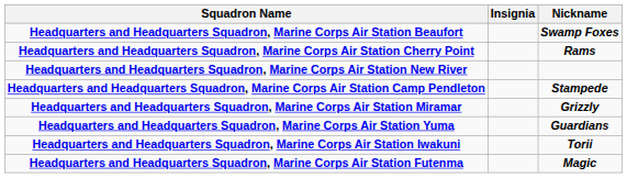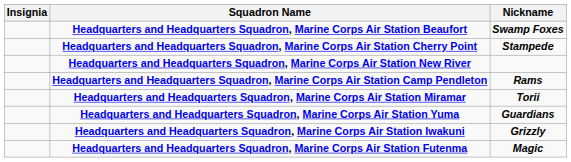 <table class="wikitable sortable" style="text-align:center;">
 <tr bgcolor="#CCCCCC">
+<th>Insignia</th>
 <th>Squadron Name</th>
-<th>Insignia</th>
 <th>Nickname</th>
 </tr>
 <tr>
+<td><strong></strong></td>
 <td><strong><a href='#'>Headquarters and Headquarters Squadron</a>, <a href='#'>Marine Corps Air Station Beaufort</a></strong></td>
-<td><strong></strong></td>
 <td><strong><em>Swamp Foxes</em></strong></td>
 </tr>
 <tr>
+<td><strong></strong></td>
 <td><strong><a href='#'>Headquarters and Headquarters Squadron</a>, <a href='#'>Marine Corps Air Station Cherry Point</a></strong></td>
+<td><strong><em>Stampede</em></strong></td>
+</tr>
+<tr>
 <td><strong></strong></td>
+<td><strong><a href='#'>Headquarters and Headquarters Squadron</a>, <a href='#'>Marine Corps Air Station New River</a></strong></td>
+<td></td>
+</tr>
+<tr>
+<td><strong></strong></td>
+<td><strong><a href='#'>Headquarters and Headquarters Squadron</a>, <a href='#'>Marine Corps Air Station Camp Pendleton</a></strong></td>
 <td><strong><em>Rams</em></strong></td>
 </tr>
 <tr>
-<td><strong><a href='#'>Headquarters and Headquarters Squadron</a>, <a href='#'>Marine Corps Air Station New River</a></strong></td>
 <td><strong></strong></td>
-<td></td>
+<td><strong><a href='#'>Headquarters and Headquarters Squadron</a>, <a href='#'>Marine Corps Air Station Miramar</a></strong></td>
+<td><strong><em>Torii</em></strong></td>
 </tr>
 <tr>
-<td><strong><a href='#'>Headquarters and Headquarters Squadron</a>, <a href='#'>Marine Corps Air Station Camp Pendleton</a></strong></td>
 <td><strong></strong></td>
-<td><strong><em>Stampede</em></strong></td>
+<td><strong><a href='#'>Headquarters and Headquarters Squadron</a>, <a href='#'>Marine Corps Air Station Yuma</a></strong></td>
+<td><strong><em>Guardians</em></strong></td>
 </tr>
 <tr>
-<td><strong><a href='#'>Headquarters and Headquarters Squadron</a>, <a href='#'>Marine Corps Air Station Miramar</a></strong></td>
 <td><strong></strong></td>
+<td><strong><a href='#'>Headquarters and Headquarters Squadron</a>, <a href='#'>Marine Corps Air Station Iwakuni</a></strong></td>
 <td><strong><em>Grizzly</em></strong></td>
 </tr>
 <tr>
-<td><strong><a href='#'>Headquarters and Headquarters Squadron</a>, <a href='#'>Marine Corps Air Station Yuma</a></strong></td>
 <td><strong></strong></td>
-<td><strong><em>Guardians</em></strong></td>
-</tr>
-<tr>
-<td><strong><a href='#'>Headquarters and Headquarters Squadron</a>, <a href='#'>Marine Corps Air Station Iwakuni</a></strong></td>
-<td><strong></strong></td>
-<td><strong><em>Torii</em></strong></td>
-</tr>
-<tr>
 <td><strong><a href='#'>Headquarters and Headquarters Squadron</a>, <a href='#'>Marine Corps Air Station Futenma</a></strong></td>
-<td><strong></strong></td>
 <td><strong><em>Magic</em></strong></td>
 </tr>
 </table>
